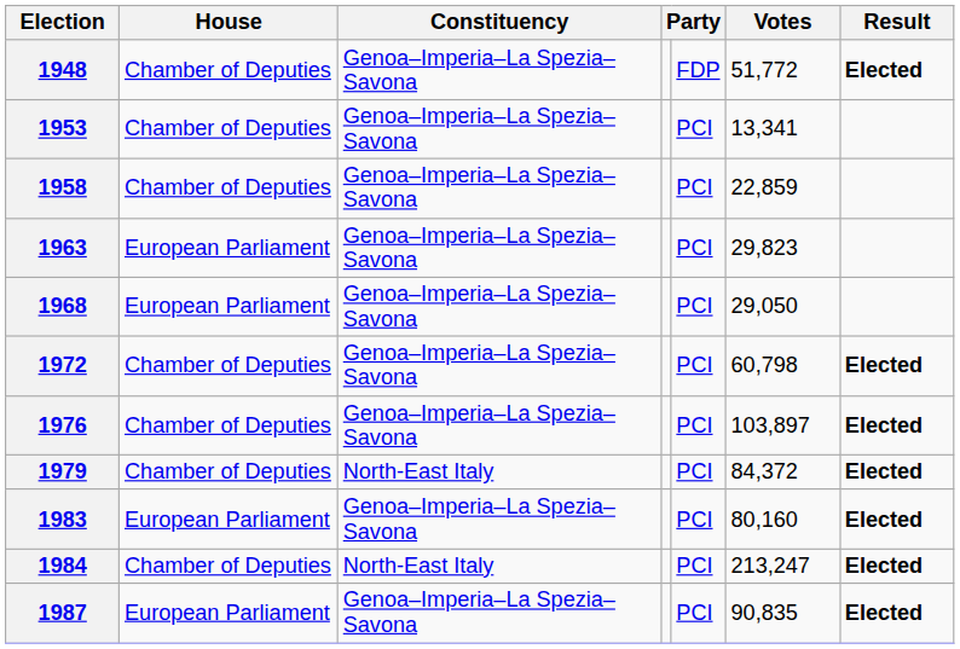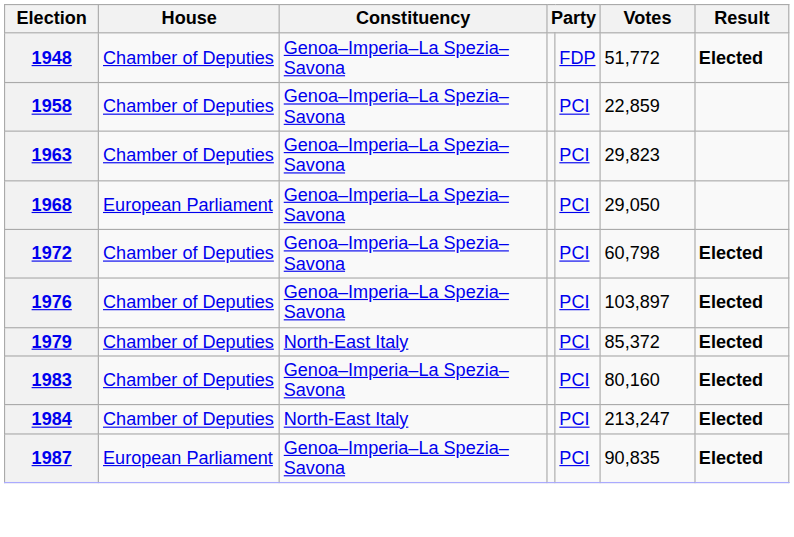 <table class=wikitable style="width:55%; border:1px #AAAAFF solid">
 <tr>
 <th width=12%>Election</th>
 <th width=23%>House</th>
 <th width=34%>Constituency</th>
 <th width=5% colspan="2">Party</th>
 <th width=12%>Votes</th>
 <th width=12%>Result</th>
 </tr>
 <tr>
 <th><a href='#'>1948</a></th>
 <td><a href='#'>Chamber of Deputies</a></td>
 <td><a href='#'>Genoa–Imperia–La Spezia–Savona</a></td>
 <td></td>
 <td><a href='#'>FDP</a></td>
 <td>51,772</td>
 <td> <strong>Elected</strong></td>
 </tr>
 <tr>
-<th><a href='#'>1953</a></th>
-<td><a href='#'>Chamber of Deputies</a></td>
-<td><a href='#'>Genoa–Imperia–La Spezia–Savona</a></td>
-<td></td>
-<td><a href='#'>PCI</a></td>
-<td>13,341</td>
-<td></td>
-</tr>
-<tr>
 <th><a href='#'>1958</a></th>
 <td><a href='#'>Chamber of Deputies</a></td>
 <td><a href='#'>Genoa–Imperia–La Spezia–Savona</a></td>
 <td></td>
 <td><a href='#'>PCI</a></td>
 <td>22,859</td>
 <td></td>
 </tr>
 <tr>
 <th><a href='#'>1963</a></th>
-<td><a href='#'>European Parliament</a></td>
+<td><a href='#'>Chamber of Deputies</a></td>
 <td><a href='#'>Genoa–Imperia–La Spezia–Savona</a></td>
 <td></td>
 <td><a href='#'>PCI</a></td>
 <td>29,823</td>
 <td></td>
 </tr>
 <tr>
 <th><a href='#'>1968</a></th>
 <td><a href='#'>European Parliament</a></td>
 <td><a href='#'>Genoa–Imperia–La Spezia–Savona</a></td>
 <td></td>
 <td><a href='#'>PCI</a></td>
 <td>29,050</td>
 <td></td>
 </tr>
 <tr>
 <th><a href='#'>1972</a></th>
 <td><a href='#'>Chamber of Deputies</a></td>
 <td><a href='#'>Genoa–Imperia–La Spezia–Savona</a></td>
 <td></td>
 <td><a href='#'>PCI</a></td>
 <td>60,798</td>
 <td> <strong>Elected</strong></td>
 </tr>
 <tr>
 <th><a href='#'>1976</a></th>
 <td><a href='#'>Chamber of Deputies</a></td>
 <td><a href='#'>Genoa–Imperia–La Spezia–Savona</a></td>
 <td></td>
 <td><a href='#'>PCI</a></td>
 <td>103,897</td>
 <td> <strong>Elected</strong></td>
 </tr>
 <tr>
 <th><a href='#'>1979</a></th>
 <td><a href='#'>Chamber of Deputies</a></td>
 <td><a href='#'>North-East Italy</a></td>
 <td></td>
 <td><a href='#'>PCI</a></td>
-<td>84,372</td>
+<td>85,372</td>
 <td> <strong>Elected</strong></td>
 </tr>
 <tr>
 <th><a href='#'>1983</a></th>
-<td><a href='#'>European Parliament</a></td>
+<td><a href='#'>Chamber of Deputies</a></td>
 <td><a href='#'>Genoa–Imperia–La Spezia–Savona</a></td>
 <td></td>
 <td><a href='#'>PCI</a></td>
 <td>80,160</td>
 <td> <strong>Elected</strong></td>
 </tr>
 <tr>
 <th><a href='#'>1984</a></th>
 <td><a href='#'>Chamber of Deputies</a></td>
 <td><a href='#'>North-East Italy</a></td>
 <td></td>
 <td><a href='#'>PCI</a></td>
 <td>213,247</td>
 <td> <strong>Elected</strong></td>
 </tr>
 <tr>
 <th><a href='#'>1987</a></th>
 <td><a href='#'>European Parliament</a></td>
 <td><a href='#'>Genoa–Imperia–La Spezia–Savona</a></td>
 <td></td>
 <td><a href='#'>PCI</a></td>
 <td>90,835</td>
 <td> <strong>Elected</strong></td>
 </tr>
 <tr>
 </tr>
 </table>
